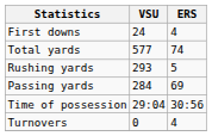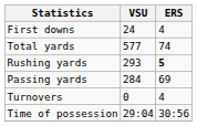 <table class="wikitable">
 <tr>
 <th>Statistics</th>
 <th>VSU</th>
 <th>ERS</th>
 </tr>
 <tr>
 <td>First downs</td>
 <td>24</td>
 <td>4</td>
 </tr>
 <tr>
 <td>Total yards</td>
 <td>577</td>
 <td>74</td>
 </tr>
 <tr>
 <td>Rushing yards</td>
 <td>293</td>
-<td>5</td>
+<td><strong>5</strong></td>
 </tr>
 <tr>
 <td>Passing yards</td>
 <td>284</td>
 <td>69</td>
 </tr>
 <tr>
+<td>Turnovers</td>
+<td>0</td>
+<td>4</td>
+</tr>
+<tr>
 <td>Time of possession</td>
 <td>29:04</td>
 <td>30:56</td>
 </tr>
 <tr>
-<td>Turnovers</td>
-<td>0</td>
-<td>4</td>
-</tr>
-<tr>
 </tr>
 </table>
